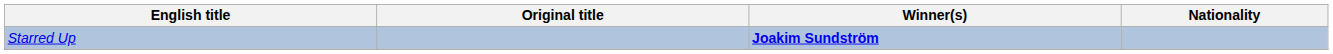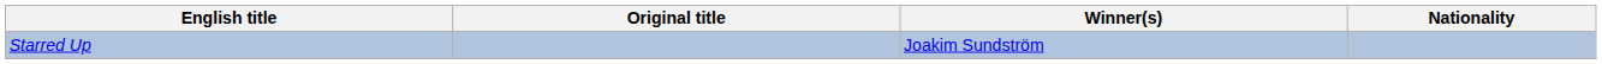 <table class="wikitable" width="95%" cellpadding="5">
 <tr>
 <th width="18%">English title</th>
 <th width="18%">Original title</th>
 <th width="18%">Winner(s)</th>
 <th width="10%">Nationality</th>
 </tr>
 <tr style="background:#B0C4DE;">
 <td><em><a href='#'>Starred Up</a></em></td>
 <td></td>
-<td><strong><a href='#'>Joakim Sundström</a></strong></td>
+<td><a href='#'>Joakim Sundström</a></td>
 <td></td>
 </tr>
 <tr>
 </tr>
 </table>
